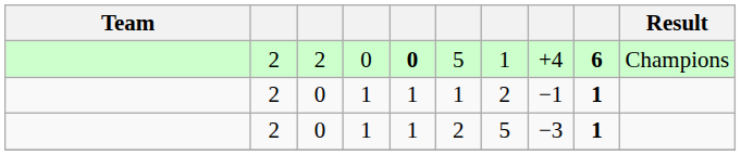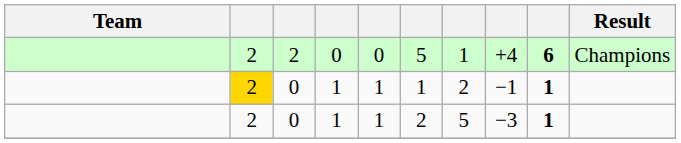 <table class="wikitable" style="text-align:center;">
 <tr>
 <th width=165>Team</th>
 <th width=25></th>
 <th width=25></th>
 <th width=25></th>
 <th width=25></th>
 <th width=25></th>
 <th width=25></th>
 <th width=25></th>
 <th width=25></th>
 <th>Result</th>
 </tr>
 <tr bgcolor="#ccffcc">
 <td style="text-align:left;"></td>
 <td>2</td>
 <td>2</td>
 <td>0</td>
-<td><strong>0</strong></td>
+<td>0</td>
 <td>5</td>
 <td>1</td>
 <td>+4</td>
 <td><strong>6</strong></td>
 <td>Champions</td>
 </tr>
 <tr>
 <td style="text-align:left;"></td>
-<td>2</td>
+<td style="background: gold;">2</td>
 <td>0</td>
 <td>1</td>
 <td>1</td>
 <td>1</td>
 <td>2</td>
 <td>−1</td>
 <td><strong>1</strong></td>
 <td></td>
 </tr>
 <tr>
 <td style="text-align:left;"></td>
 <td>2</td>
 <td>0</td>
 <td>1</td>
 <td>1</td>
 <td>2</td>
 <td>5</td>
 <td>−3</td>
 <td><strong>1</strong></td>
 <td></td>
 </tr>
 <tr>
 </tr>
 </table>
